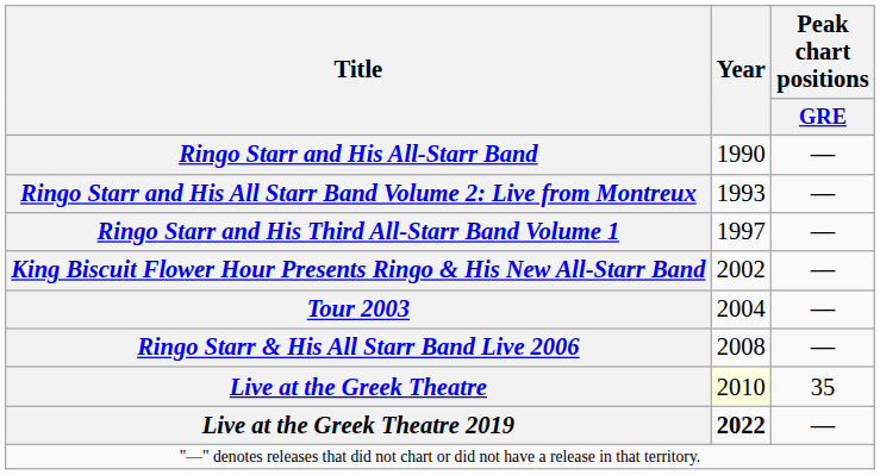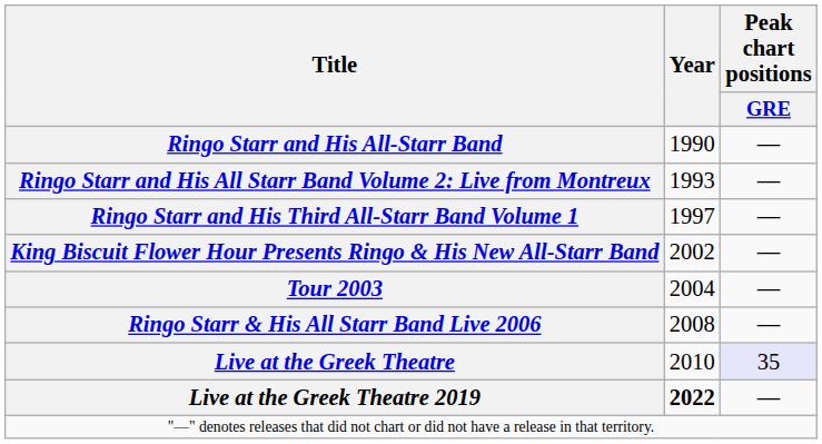 <table class="wikitable plainrowheaders">
 <tr>
 <th scope="col" rowspan="2">Title</th>
 <th scope="col" rowspan="2">Year</th>
 <th scope="col" colspan="1">Peak chart positions</th>
 </tr>
 <tr>
 <th scope="col" style="width:3em;font-size:90%"><a href='#'>GRE</a><br></th>
 </tr>
 <tr>
 <th scope="row"><em><a href='#'>Ringo Starr and His All-Starr Band</a></em></th>
 <td>1990</td>
 <td align=center>—</td>
 </tr>
 <tr>
 <th scope="row"><em><a href='#'>Ringo Starr and His All Starr Band Volume 2: Live from Montreux</a></em></th>
 <td>1993</td>
 <td align=center>—</td>
 </tr>
 <tr>
 <th scope="row"><em><a href='#'>Ringo Starr and His Third All-Starr Band Volume 1</a></em></th>
 <td>1997</td>
 <td align=center>—</td>
 </tr>
 <tr>
 <th scope="row"><em><a href='#'>King Biscuit Flower Hour Presents Ringo & His New All-Starr Band</a></em></th>
 <td>2002</td>
 <td align=center>—</td>
 </tr>
 <tr>
 <th scope="row"><em><a href='#'>Tour 2003</a></em></th>
 <td>2004</td>
 <td align=center>—</td>
 </tr>
 <tr>
 <th scope="row"><em><a href='#'>Ringo Starr & His All Starr Band Live 2006</a></em></th>
 <td>2008</td>
 <td align=center>—</td>
 </tr>
 <tr>
 <th scope="row"><em><a href='#'>Live at the Greek Theatre</a></em></th>
-<td style="background: lightyellow;">2010</td>
-<td align=center>35</td>
+<td>2010</td>
+<td align=center style="background: lavender;">35</td>
 </tr>
 <tr>
 <th scope="row"><em>Live at the Greek Theatre 2019</em></th>
 <td><strong>2022</strong></td>
 <td align=center>—</td>
 </tr>
 <tr>
 <td colspan="3" style="text-align:center; font-size:8pt;">"—" denotes releases that did not chart or did not have a release in that territory.</td>
 </tr>
 </table>
